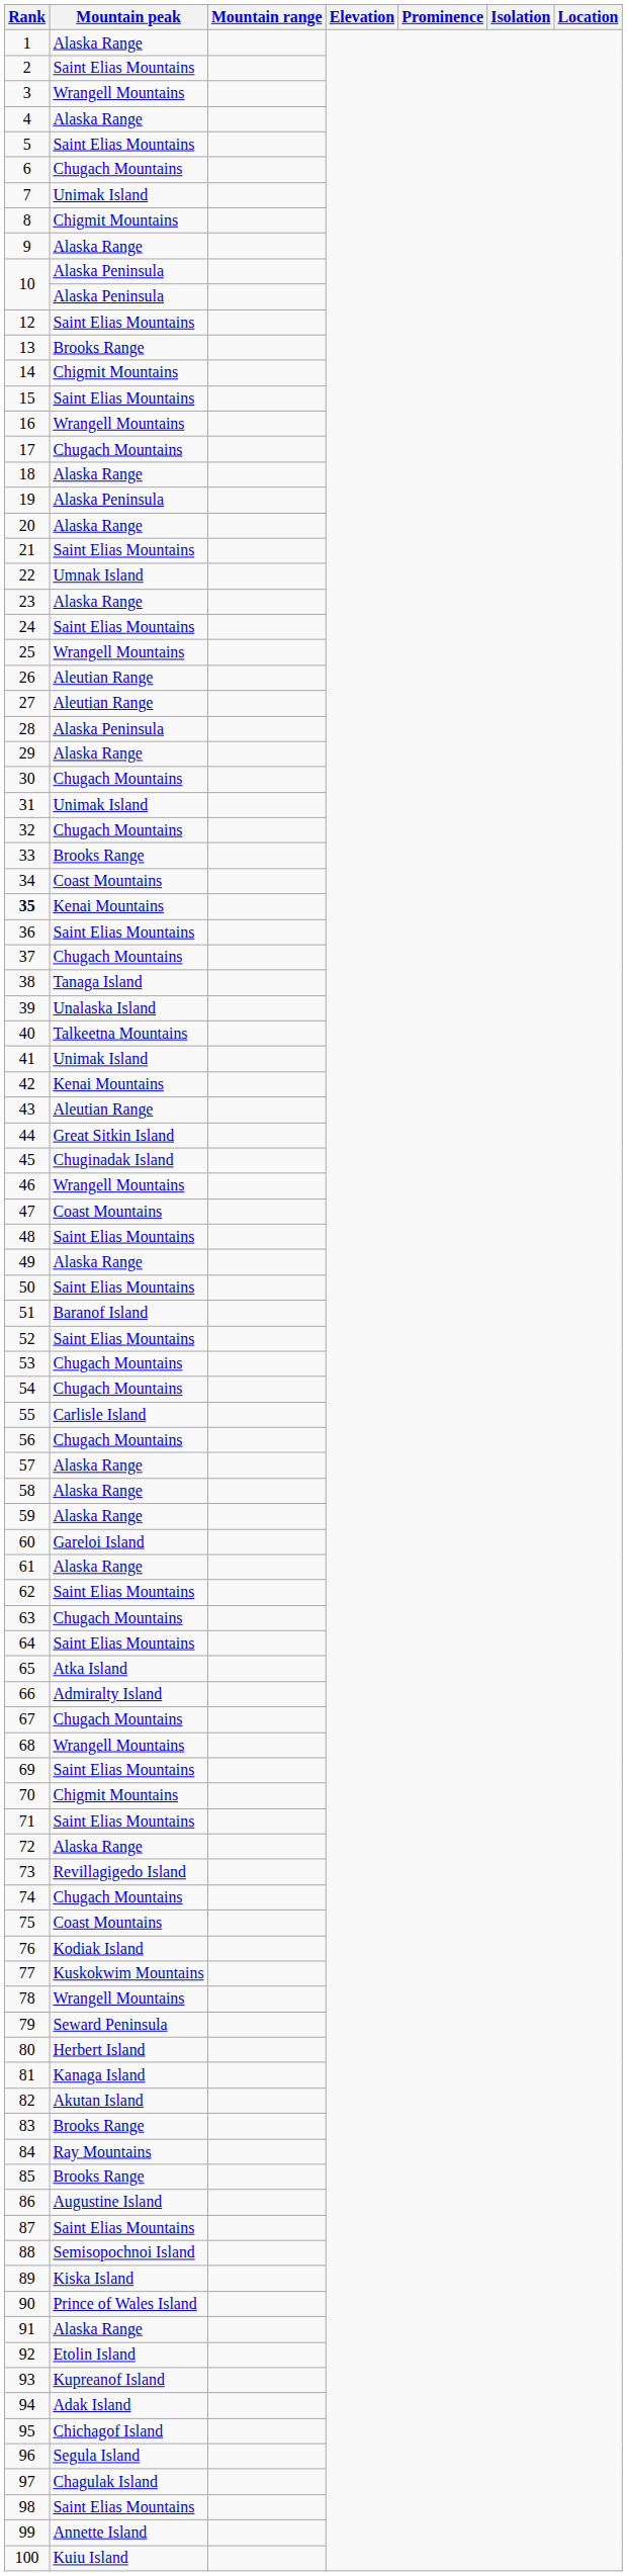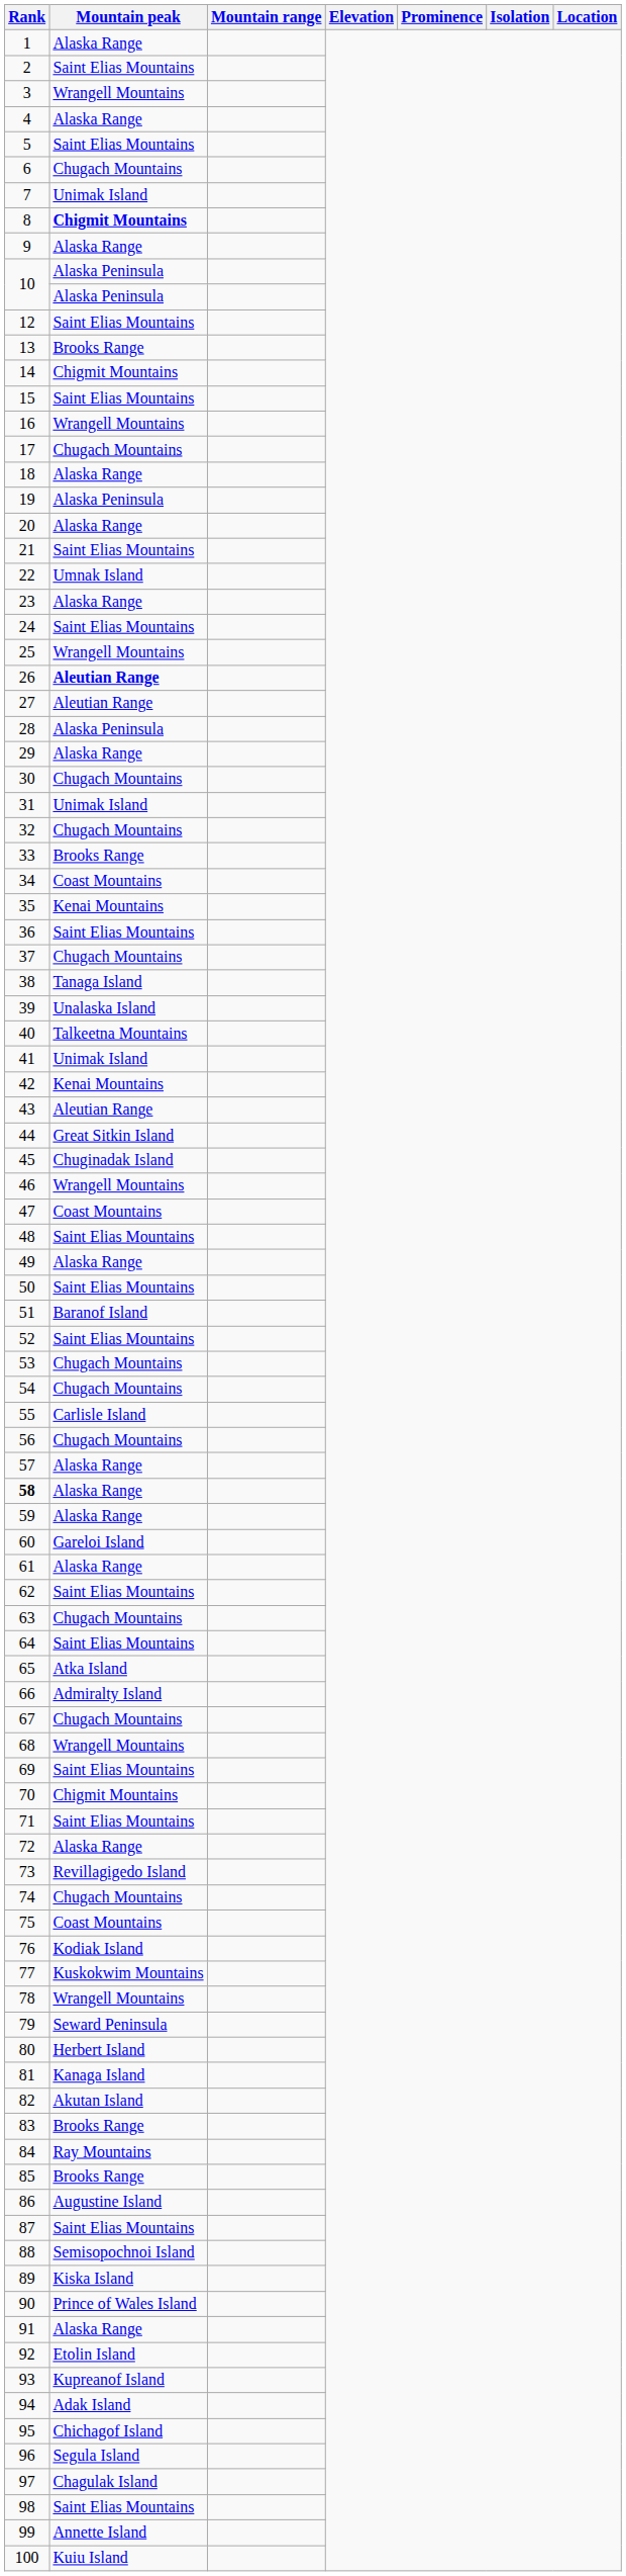 <table class="wikitable sortable">
 <tr>
 <th><a href='#'>Rank</a></th>
 <th><a href='#'>Mountain peak</a></th>
 <th><a href='#'>Mountain range</a></th>
 <th><a href='#'>Elevation</a></th>
 <th><a href='#'>Prominence</a></th>
 <th><a href='#'>Isolation</a></th>
 <th><a href='#'>Location</a></th>
 </tr>
 <tr>
 <td align=center>1<br></td>
 <td><a href='#'>Alaska Range</a><br></td>
 <td></td>
 </tr>
 <tr>
 <td align=center>2<br></td>
 <td><a href='#'>Saint Elias Mountains</a><br></td>
 <td></td>
 </tr>
 <tr>
 <td align=center>3<br></td>
 <td><a href='#'>Wrangell Mountains</a><br></td>
 <td></td>
 </tr>
 <tr>
 <td align=center>4<br></td>
 <td><a href='#'>Alaska Range</a><br></td>
 <td></td>
 </tr>
 <tr>
 <td align=center>5<br></td>
 <td><a href='#'>Saint Elias Mountains</a><br></td>
 <td></td>
 </tr>
 <tr>
 <td align=center>6<br></td>
 <td><a href='#'>Chugach Mountains</a><br></td>
 <td></td>
 </tr>
 <tr>
 <td align=center>7<br></td>
 <td><a href='#'>Unimak Island</a><br></td>
 <td></td>
 </tr>
 <tr>
 <td align=center>8<br></td>
-<td><a href='#'>Chigmit Mountains</a><br></td>
+<td><strong><a href='#'>Chigmit Mountains</a><br></strong></td>
 <td></td>
 </tr>
 <tr>
 <td align=center>9<br></td>
 <td><a href='#'>Alaska Range</a><br></td>
 <td></td>
 </tr>
 <tr>
 <td align=center rowspan=2>10<br></td>
 <td><a href='#'>Alaska Peninsula</a><br></td>
 <td></td>
 </tr>
 <tr>
 <td><a href='#'>Alaska Peninsula</a><br></td>
 <td></td>
 </tr>
 <tr>
 <td align=center>12<br></td>
 <td><a href='#'>Saint Elias Mountains</a><br></td>
 <td></td>
 </tr>
 <tr>
 <td align=center>13<br></td>
 <td><a href='#'>Brooks Range</a><br></td>
 <td></td>
 </tr>
 <tr>
 <td align=center>14<br></td>
 <td><a href='#'>Chigmit Mountains</a><br></td>
 <td></td>
 </tr>
 <tr>
 <td align=center>15<br></td>
 <td><a href='#'>Saint Elias Mountains</a><br></td>
 <td></td>
 </tr>
 <tr>
 <td align=center>16<br></td>
 <td><a href='#'>Wrangell Mountains</a><br></td>
 <td></td>
 </tr>
 <tr>
 <td align=center>17<br></td>
 <td><a href='#'>Chugach Mountains</a><br></td>
 <td></td>
 </tr>
 <tr>
 <td align=center>18<br></td>
 <td><a href='#'>Alaska Range</a><br></td>
 <td></td>
 </tr>
 <tr>
 <td align=center>19<br></td>
 <td><a href='#'>Alaska Peninsula</a><br></td>
 <td></td>
 </tr>
 <tr>
 <td align=center>20<br></td>
 <td><a href='#'>Alaska Range</a><br></td>
 <td></td>
 </tr>
 <tr>
 <td align=center>21<br></td>
 <td><a href='#'>Saint Elias Mountains</a><br></td>
 <td></td>
 </tr>
 <tr>
 <td align=center>22<br></td>
 <td><a href='#'>Umnak Island</a><br></td>
 <td></td>
 </tr>
 <tr>
 <td align=center>23<br></td>
 <td><a href='#'>Alaska Range</a><br></td>
 <td></td>
 </tr>
 <tr>
 <td align=center>24<br></td>
 <td><a href='#'>Saint Elias Mountains</a><br></td>
 <td></td>
 </tr>
 <tr>
 <td align=center>25<br></td>
 <td><a href='#'>Wrangell Mountains</a><br></td>
 <td></td>
 </tr>
 <tr>
 <td align=center>26<br></td>
-<td><a href='#'>Aleutian Range</a><br></td>
+<td><strong><a href='#'>Aleutian Range</a><br></strong></td>
 <td></td>
 </tr>
 <tr>
 <td align=center>27<br></td>
 <td><a href='#'>Aleutian Range</a><br></td>
 <td></td>
 </tr>
 <tr>
 <td align=center>28<br></td>
 <td><a href='#'>Alaska Peninsula</a><br></td>
 <td></td>
 </tr>
 <tr>
 <td align=center>29<br></td>
 <td><a href='#'>Alaska Range</a><br></td>
 <td></td>
 </tr>
 <tr>
 <td align=center>30<br></td>
 <td><a href='#'>Chugach Mountains</a><br></td>
 <td></td>
 </tr>
 <tr>
 <td align=center>31<br></td>
 <td><a href='#'>Unimak Island</a><br></td>
 <td></td>
 </tr>
 <tr>
 <td align=center>32<br></td>
 <td><a href='#'>Chugach Mountains</a><br></td>
 <td></td>
 </tr>
 <tr>
 <td align=center>33<br></td>
 <td><a href='#'>Brooks Range</a><br></td>
 <td></td>
 </tr>
 <tr>
 <td align=center>34<br></td>
 <td><a href='#'>Coast Mountains</a><br></td>
 <td></td>
 </tr>
 <tr>
-<td align=center><strong>35<br></strong></td>
+<td align=center>35<br></td>
 <td><a href='#'>Kenai Mountains</a><br></td>
 <td></td>
 </tr>
 <tr>
 <td align=center>36<br></td>
 <td><a href='#'>Saint Elias Mountains</a><br></td>
 <td></td>
 </tr>
 <tr>
 <td align=center>37<br></td>
 <td><a href='#'>Chugach Mountains</a><br></td>
 <td></td>
 </tr>
 <tr>
 <td align=center>38<br></td>
 <td><a href='#'>Tanaga Island</a><br></td>
 <td></td>
 </tr>
 <tr>
 <td align=center>39<br></td>
 <td><a href='#'>Unalaska Island</a><br></td>
 <td></td>
 </tr>
 <tr>
 <td align=center>40<br></td>
 <td><a href='#'>Talkeetna Mountains</a><br></td>
 <td></td>
 </tr>
 <tr>
 <td align=center>41<br></td>
 <td><a href='#'>Unimak Island</a><br></td>
 <td></td>
 </tr>
 <tr>
 <td align=center>42<br></td>
 <td><a href='#'>Kenai Mountains</a><br></td>
 <td></td>
 </tr>
 <tr>
 <td align=center>43<br></td>
 <td><a href='#'>Aleutian Range</a><br></td>
 <td></td>
 </tr>
 <tr>
 <td align=center>44<br></td>
 <td><a href='#'>Great Sitkin Island</a><br></td>
 <td></td>
 </tr>
 <tr>
 <td align=center>45<br></td>
 <td><a href='#'>Chuginadak Island</a><br></td>
 <td></td>
 </tr>
 <tr>
 <td align=center>46<br></td>
 <td><a href='#'>Wrangell Mountains</a><br></td>
 <td></td>
 </tr>
 <tr>
 <td align=center>47<br></td>
 <td><a href='#'>Coast Mountains</a><br></td>
 <td></td>
 </tr>
 <tr>
 <td align=center>48<br></td>
 <td><a href='#'>Saint Elias Mountains</a><br></td>
 <td></td>
 </tr>
 <tr>
 <td align=center>49<br></td>
 <td><a href='#'>Alaska Range</a><br></td>
 <td></td>
 </tr>
 <tr>
 <td align=center>50<br></td>
 <td><a href='#'>Saint Elias Mountains</a><br></td>
 <td></td>
 </tr>
 <tr>
 <td align=center>51<br></td>
 <td><a href='#'>Baranof Island</a><br></td>
 <td></td>
 </tr>
 <tr>
 <td align=center>52<br></td>
 <td><a href='#'>Saint Elias Mountains</a><br></td>
 <td></td>
 </tr>
 <tr>
 <td align=center>53<br></td>
 <td><a href='#'>Chugach Mountains</a><br></td>
 <td></td>
 </tr>
 <tr>
 <td align=center>54<br></td>
 <td><a href='#'>Chugach Mountains</a><br></td>
 <td></td>
 </tr>
 <tr>
 <td align=center>55<br></td>
 <td><a href='#'>Carlisle Island</a><br></td>
 <td></td>
 </tr>
 <tr>
 <td align=center>56<br></td>
 <td><a href='#'>Chugach Mountains</a><br></td>
 <td></td>
 </tr>
 <tr>
 <td align=center>57<br></td>
 <td><a href='#'>Alaska Range</a><br></td>
 <td></td>
 </tr>
 <tr>
-<td align=center>58<br></td>
+<td align=center><strong>58<br></strong></td>
 <td><a href='#'>Alaska Range</a><br></td>
 <td></td>
 </tr>
 <tr>
 <td align=center>59<br></td>
 <td><a href='#'>Alaska Range</a><br></td>
 <td></td>
 </tr>
 <tr>
 <td align=center>60<br></td>
 <td><a href='#'>Gareloi Island</a><br></td>
 <td></td>
 </tr>
 <tr>
 <td align=center>61<br></td>
 <td><a href='#'>Alaska Range</a><br></td>
 <td></td>
 </tr>
 <tr>
 <td align=center>62<br></td>
 <td><a href='#'>Saint Elias Mountains</a><br></td>
 <td></td>
 </tr>
 <tr>
 <td align=center>63<br></td>
 <td><a href='#'>Chugach Mountains</a><br></td>
 <td></td>
 </tr>
 <tr>
 <td align=center>64<br></td>
 <td><a href='#'>Saint Elias Mountains</a><br></td>
 <td></td>
 </tr>
 <tr>
 <td align=center>65<br></td>
 <td><a href='#'>Atka Island</a><br></td>
 <td></td>
 </tr>
 <tr>
 <td align=center>66<br></td>
 <td><a href='#'>Admiralty Island</a><br></td>
 <td></td>
 </tr>
 <tr>
 <td align=center>67<br></td>
 <td><a href='#'>Chugach Mountains</a><br></td>
 <td></td>
 </tr>
 <tr>
 <td align=center>68<br></td>
 <td><a href='#'>Wrangell Mountains</a><br></td>
 <td></td>
 </tr>
 <tr>
 <td align=center>69<br></td>
 <td><a href='#'>Saint Elias Mountains</a><br></td>
 <td></td>
 </tr>
 <tr>
 <td align=center>70<br></td>
 <td><a href='#'>Chigmit Mountains</a><br></td>
 <td></td>
 </tr>
 <tr>
 <td align=center>71<br></td>
 <td><a href='#'>Saint Elias Mountains</a><br></td>
 <td></td>
 </tr>
 <tr>
 <td align=center>72<br></td>
 <td><a href='#'>Alaska Range</a><br></td>
 <td></td>
 </tr>
 <tr>
 <td align=center>73<br></td>
 <td><a href='#'>Revillagigedo Island</a><br></td>
 <td></td>
 </tr>
 <tr>
 <td align=center>74<br></td>
 <td><a href='#'>Chugach Mountains</a><br></td>
 <td></td>
 </tr>
 <tr>
 <td align=center>75<br></td>
 <td><a href='#'>Coast Mountains</a><br></td>
 <td></td>
 </tr>
 <tr>
 <td align=center>76<br></td>
 <td><a href='#'>Kodiak Island</a><br></td>
 <td></td>
 </tr>
 <tr>
 <td align=center>77<br></td>
 <td><a href='#'>Kuskokwim Mountains</a><br></td>
 <td></td>
 </tr>
 <tr>
 <td align=center>78<br></td>
 <td><a href='#'>Wrangell Mountains</a><br></td>
 <td></td>
 </tr>
 <tr>
 <td align=center>79<br></td>
 <td><a href='#'>Seward Peninsula</a><br></td>
 <td></td>
 </tr>
 <tr>
 <td align=center>80<br></td>
 <td><a href='#'>Herbert Island</a><br></td>
 <td></td>
 </tr>
 <tr>
 <td align=center>81<br></td>
 <td><a href='#'>Kanaga Island</a><br></td>
 <td></td>
 </tr>
 <tr>
 <td align=center>82<br></td>
 <td><a href='#'>Akutan Island</a><br></td>
 <td></td>
 </tr>
 <tr>
 <td align=center>83<br></td>
 <td><a href='#'>Brooks Range</a><br></td>
 <td></td>
 </tr>
 <tr>
 <td align=center>84<br></td>
 <td><a href='#'>Ray Mountains</a><br></td>
 <td></td>
 </tr>
 <tr>
 <td align=center>85<br></td>
 <td><a href='#'>Brooks Range</a><br></td>
 <td></td>
 </tr>
 <tr>
 <td align=center>86<br></td>
 <td><a href='#'>Augustine Island</a><br></td>
 <td></td>
 </tr>
 <tr>
 <td align=center>87<br></td>
 <td><a href='#'>Saint Elias Mountains</a><br></td>
 <td></td>
 </tr>
 <tr>
 <td align=center>88<br></td>
 <td><a href='#'>Semisopochnoi Island</a><br></td>
 <td></td>
 </tr>
 <tr>
 <td align=center>89<br></td>
 <td><a href='#'>Kiska Island</a><br></td>
 <td></td>
 </tr>
 <tr>
 <td align=center>90<br></td>
 <td><a href='#'>Prince of Wales Island</a><br></td>
 <td></td>
 </tr>
 <tr>
 <td align=center>91<br></td>
 <td><a href='#'>Alaska Range</a><br></td>
 <td></td>
 </tr>
 <tr>
 <td align=center>92<br></td>
 <td><a href='#'>Etolin Island</a><br></td>
 <td></td>
 </tr>
 <tr>
 <td align=center>93<br></td>
 <td><a href='#'>Kupreanof Island</a><br></td>
 <td></td>
 </tr>
 <tr>
 <td align=center>94<br></td>
 <td><a href='#'>Adak Island</a><br></td>
 <td></td>
 </tr>
 <tr>
 <td align=center>95<br></td>
 <td><a href='#'>Chichagof Island</a><br></td>
 <td></td>
 </tr>
 <tr>
 <td align=center>96<br></td>
 <td><a href='#'>Segula Island</a><br></td>
 <td></td>
 </tr>
 <tr>
 <td align=center>97<br></td>
 <td><a href='#'>Chagulak Island</a><br></td>
 <td></td>
 </tr>
 <tr>
 <td align=center>98<br></td>
 <td><a href='#'>Saint Elias Mountains</a><br></td>
 <td></td>
 </tr>
 <tr>
 <td align=center>99<br></td>
 <td><a href='#'>Annette Island</a><br></td>
 <td></td>
 </tr>
 <tr>
 <td align=center>100<br></td>
 <td><a href='#'>Kuiu Island</a><br></td>
 <td></td>
 </tr>
 </table>
